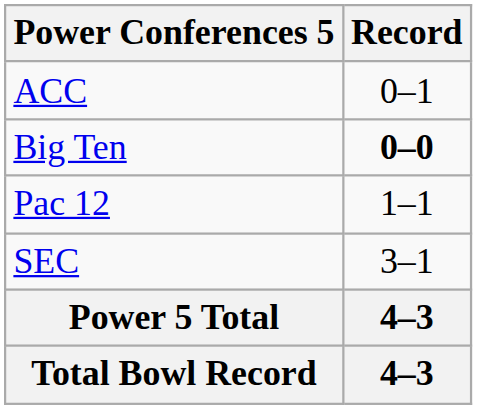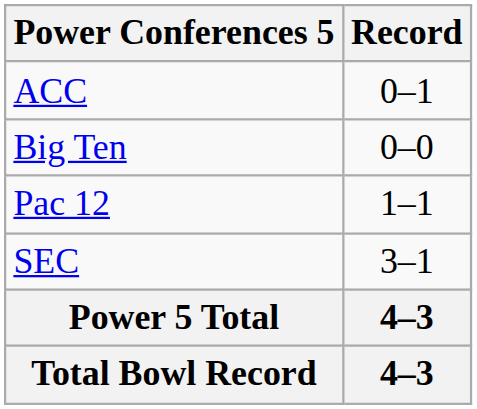 <table class="wikitable">
 <tr>
 <th>Power Conferences 5</th>
 <th>Record</th>
 </tr>
 <tr>
 <td><a href='#'>ACC</a></td>
 <td align=center>0–1</td>
 </tr>
 <tr>
 <td><a href='#'>Big Ten</a></td>
-<td align=center><strong>0–0</strong></td>
+<td align=center>0–0</td>
 </tr>
 <tr>
 <td><a href='#'>Pac 12</a></td>
 <td align=center>1–1</td>
 </tr>
 <tr>
 <td><a href='#'>SEC</a></td>
 <td align=center>3–1</td>
 </tr>
 <tr>
 <th>Power 5 Total</th>
 <th>4–3</th>
 </tr>
 <tr>
 <th>Total Bowl Record</th>
 <th>4–3</th>
 </tr>
 </table>
